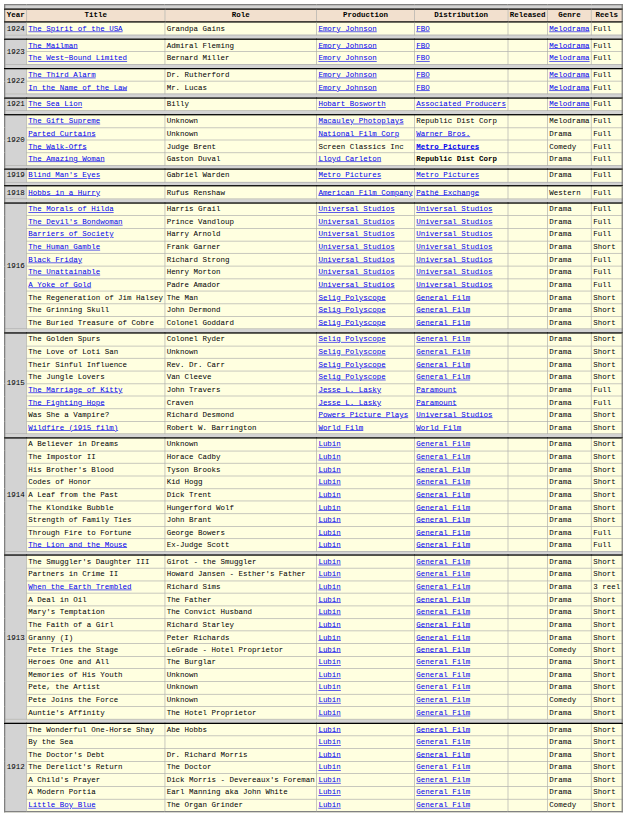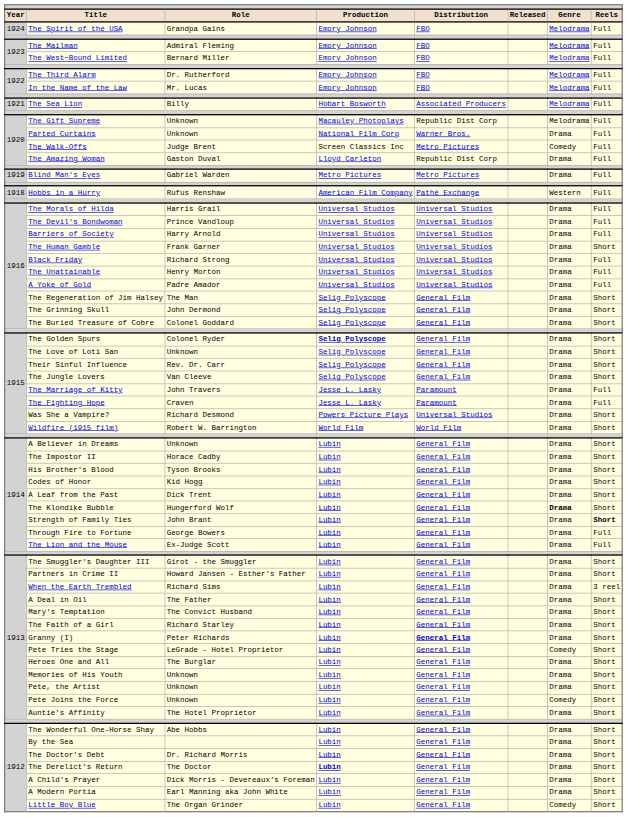 <table class="wikitable sortable mw-collapsible mw-collapsed" style="background:lightyellow; border:2px solid gray;font-size:90%">
 <tr>
 <th colspan="18" style="border:1px solid #808080;background:lightgrey;"></th>
 </tr>
 <tr>
 <th style="border-bottom:2px solid black;border-top:2px solid black;background:#F2E0CE">Year</th>
 <th style="border-bottom:2px solid black;border-top:2px solid black;background:#F2E0CE" class="unsortable">Title</th>
 <th style="border-bottom:2px solid black;border-top:2px solid black;background:#F2E0CE">Role</th>
 <th style="border-bottom:2px solid black;border-top:2px solid black;background:#F2E0CE">Production</th>
 <th style="border-bottom:2px solid black;border-top:2px solid black;background:#F2E0CE">Distribution</th>
 <th style="border-bottom:2px solid black;border-top:2px solid black;background:#F2E0CE" class="unsortable">Released</th>
 <th style="border-bottom:2px solid black;border-top:2px solid black;background:#F2E0CE" class="unsortable">Genre</th>
 <th style="border-bottom:2px solid black;border-top:2px solid black;background:#F2E0CE">Reels</th>
 </tr>
 <tr>
 <td style="background:lightgrey">1924</td>
 <td><a href='#'>The Spirit of the USA</a></td>
 <td>Grandpa Gains</td>
 <td><a href='#'>Emory Johnson</a></td>
 <td><a href='#'>FBO</a></td>
 <td></td>
 <td><a href='#'>Melodrama</a></td>
 <td>Full</td>
 </tr>
 <tr>
 <td colspan="9" style="border-bottom:2px solid black;background:lightgrey;"></td>
 </tr>
 <tr>
 <td rowspan="2" style="background:lightgrey">1923</td>
 <td><a href='#'>The Mailman</a></td>
 <td>Admiral Fleming</td>
 <td><a href='#'>Emory Johnson</a></td>
 <td><a href='#'>FBO</a></td>
 <td></td>
 <td><a href='#'>Melodrama</a></td>
 <td>Full</td>
 </tr>
 <tr>
 <td><a href='#'>The West~Bound Limited</a></td>
 <td>Bernard Miller</td>
 <td><a href='#'>Emory Johnson</a></td>
 <td><a href='#'>FBO</a></td>
 <td></td>
 <td><a href='#'>Melodrama</a></td>
 <td>Full</td>
 </tr>
 <tr>
 <td colspan="9" style="border-bottom:2px solid black;background:lightgrey;"></td>
 </tr>
 <tr>
 <td rowspan="2" style="background:lightgrey">1922</td>
 <td><a href='#'>The Third Alarm</a></td>
 <td>Dr. Rutherford</td>
 <td><a href='#'>Emory Johnson</a></td>
 <td><a href='#'>FBO</a></td>
 <td></td>
 <td><a href='#'>Melodrama</a></td>
 <td>Full</td>
 </tr>
 <tr>
 <td><a href='#'>In the Name of the Law</a></td>
 <td>Mr. Lucas</td>
 <td><a href='#'>Emory Johnson</a></td>
 <td><a href='#'>FBO</a></td>
 <td></td>
 <td><a href='#'>Melodrama</a></td>
 <td>Full</td>
 </tr>
 <tr>
 <td colspan="9" style="border-bottom:2px solid black;background:lightgrey;"></td>
 </tr>
 <tr>
 <td style="background:lightgrey">1921</td>
 <td><a href='#'>The Sea Lion</a></td>
 <td>Billy</td>
 <td><a href='#'>Hobart Bosworth</a></td>
 <td><a href='#'>Associated Producers</a></td>
 <td></td>
 <td><a href='#'>Melodrama</a></td>
 <td>Full</td>
 </tr>
 <tr>
 <td colspan="9" style="border-bottom:2px solid black;background:lightgrey;"></td>
 </tr>
 <tr>
 <td rowspan="4" style="background:lightgrey">1920</td>
 <td><a href='#'>The Gift Supreme</a></td>
 <td>Unknown</td>
 <td><a href='#'>Macauley Photoplays</a></td>
 <td>Republic Dist Corp</td>
 <td></td>
 <td>Melodrama</td>
 <td>Full</td>
 </tr>
 <tr>
 <td><a href='#'>Parted Curtains</a></td>
 <td>Unknown</td>
 <td><a href='#'>National Film Corp</a></td>
 <td><a href='#'>Warner Bros.</a></td>
 <td></td>
 <td>Drama</td>
 <td>Full</td>
 </tr>
 <tr>
 <td><a href='#'>The Walk-Offs</a></td>
 <td>Judge Brent</td>
 <td>Screen Classics Inc</td>
-<td><strong><a href='#'>Metro Pictures</a></strong></td>
+<td><a href='#'>Metro Pictures</a></td>
 <td></td>
 <td>Comedy</td>
 <td>Full</td>
 </tr>
 <tr>
 <td><a href='#'>The Amazing Woman</a></td>
 <td>Gaston Duval</td>
 <td><a href='#'>Lloyd Carleton</a></td>
-<td><strong>Republic Dist Corp</strong></td>
+<td>Republic Dist Corp</td>
 <td></td>
 <td>Drama</td>
 <td>Full</td>
 </tr>
 <tr>
 <td colspan="9" style="border-bottom:2px solid black;background:lightgrey;"></td>
 </tr>
 <tr>
 <td style="background:lightgrey">1919</td>
 <td><a href='#'>Blind Man's Eyes</a></td>
 <td>Gabriel Warden</td>
 <td><a href='#'>Metro Pictures</a></td>
 <td><a href='#'>Metro Pictures</a></td>
 <td></td>
 <td>Drama</td>
 <td>Full</td>
 </tr>
 <tr>
 <td colspan="9" style="border-bottom:2px solid black;background:lightgrey;"></td>
 </tr>
 <tr>
 <td style="background:lightgrey">1918</td>
 <td><a href='#'>Hobbs in a Hurry</a></td>
 <td>Rufus Renshaw</td>
 <td><a href='#'>American Film Company</a></td>
 <td><a href='#'>Pathé Exchange</a></td>
 <td></td>
 <td>Western</td>
 <td>Full</td>
 </tr>
 <tr>
 <td colspan="9" style="border-bottom:2px solid black;background:lightgrey;"></td>
 </tr>
 <tr>
 <td rowspan="10" style="background:lightgrey">1916</td>
 <td><a href='#'>The Morals of Hilda</a></td>
 <td>Harris Grail</td>
 <td><a href='#'>Universal Studios</a></td>
 <td><a href='#'>Universal Studios</a></td>
 <td></td>
 <td>Drama</td>
 <td>Full</td>
 </tr>
 <tr>
 <td><a href='#'>The Devil's Bondwoman</a></td>
 <td>Prince Vandloup</td>
 <td><a href='#'>Universal Studios</a></td>
 <td><a href='#'>Universal Studios</a></td>
 <td></td>
 <td>Drama</td>
 <td>Full</td>
 </tr>
 <tr>
 <td><a href='#'>Barriers of Society</a></td>
 <td>Harry Arnold</td>
 <td><a href='#'>Universal Studios</a></td>
 <td><a href='#'>Universal Studios</a></td>
 <td></td>
 <td>Drama</td>
 <td>Full</td>
 </tr>
 <tr>
 <td><a href='#'>The Human Gamble</a></td>
 <td>Frank Garner</td>
 <td><a href='#'>Universal Studios</a></td>
 <td><a href='#'>Universal Studios</a></td>
 <td></td>
 <td>Drama</td>
 <td>Short</td>
 </tr>
 <tr>
 <td><a href='#'>Black Friday</a></td>
 <td>Richard Strong</td>
 <td><a href='#'>Universal Studios</a></td>
 <td><a href='#'>Universal Studios</a></td>
 <td></td>
 <td>Drama</td>
 <td>Full</td>
 </tr>
 <tr>
 <td><a href='#'>The Unattainable</a></td>
 <td>Henry Morton</td>
 <td><a href='#'>Universal Studios</a></td>
 <td><a href='#'>Universal Studios</a></td>
 <td></td>
 <td>Drama</td>
 <td>Full</td>
 </tr>
 <tr>
 <td><a href='#'>A Yoke of Gold</a></td>
 <td>Padre Amador</td>
 <td><a href='#'>Universal Studios</a></td>
 <td><a href='#'>Universal Studios</a></td>
 <td></td>
 <td>Drama</td>
 <td>Full</td>
 </tr>
 <tr>
 <td>The Regeneration of Jim Halsey</td>
 <td>The Man</td>
 <td><a href='#'>Selig Polyscope</a></td>
 <td><a href='#'>General Film</a></td>
 <td></td>
 <td>Drama</td>
 <td>Short</td>
 </tr>
 <tr>
 <td>The Grinning Skull</td>
 <td>John Dermond</td>
 <td><a href='#'>Selig Polyscope</a></td>
 <td><a href='#'>General Film</a></td>
 <td></td>
 <td>Drama</td>
 <td>Short</td>
 </tr>
 <tr>
 <td>The Buried Treasure of Cobre</td>
 <td>Colonel Goddard</td>
 <td><a href='#'>Selig Polyscope</a></td>
 <td><a href='#'>General Film</a></td>
 <td></td>
 <td>Drama</td>
 <td>Short</td>
 </tr>
 <tr>
 <td colspan="9" style="border-bottom:2px solid black;background:lightgrey;"></td>
 </tr>
 <tr>
 <td rowspan="8" style="background:lightgrey">1915</td>
 <td>The Golden Spurs</td>
 <td>Colonel Ryder</td>
-<td><a href='#'>Selig Polyscope</a></td>
+<td><strong><a href='#'>Selig Polyscope</a></strong></td>
 <td><a href='#'>General Film</a></td>
 <td></td>
 <td>Drama</td>
 <td>Short</td>
 </tr>
 <tr>
 <td>The Love of Loti San</td>
 <td>Unknown</td>
 <td><a href='#'>Selig Polyscope</a></td>
 <td><a href='#'>General Film</a></td>
 <td></td>
 <td>Drama</td>
 <td>Short</td>
 </tr>
 <tr>
 <td>Their Sinful Influence</td>
 <td>Rev. Dr. Carr</td>
 <td><a href='#'>Selig Polyscope</a></td>
 <td><a href='#'>General Film</a></td>
 <td></td>
 <td>Drama</td>
 <td>Short</td>
 </tr>
 <tr>
 <td>The Jungle Lovers</td>
 <td>Van Cleeve</td>
 <td><a href='#'>Selig Polyscope</a></td>
 <td><a href='#'>General Film</a></td>
 <td></td>
 <td>Drama</td>
 <td>Short</td>
 </tr>
 <tr>
 <td><a href='#'>The Marriage of Kitty</a></td>
 <td>John Travers</td>
 <td><a href='#'>Jesse L. Lasky</a></td>
 <td><a href='#'>Paramount</a></td>
 <td></td>
 <td>Drama</td>
 <td>Full</td>
 </tr>
 <tr>
 <td><a href='#'>The Fighting Hope</a></td>
 <td>Craven</td>
 <td><a href='#'>Jesse L. Lasky</a></td>
 <td><a href='#'>Paramount</a></td>
 <td></td>
 <td>Drama</td>
 <td>Full</td>
 </tr>
 <tr>
 <td>Was She a Vampire?</td>
 <td>Richard Desmond</td>
 <td><a href='#'>Powers Picture Plays</a></td>
 <td><a href='#'>Universal Studios</a></td>
 <td></td>
 <td>Drama</td>
 <td>Short</td>
 </tr>
 <tr>
 <td><a href='#'>Wildfire (1915 film)</a></td>
 <td>Robert W. Barrington</td>
 <td><a href='#'>World Film</a></td>
 <td><a href='#'>World Film</a></td>
 <td></td>
 <td>Drama</td>
 <td>Short</td>
 </tr>
 <tr>
 <td colspan="9" style="border-bottom:2px solid black;background:lightgrey;"></td>
 </tr>
 <tr>
 <td rowspan="9" style="background:lightgrey">1914</td>
 <td>A Believer in Dreams</td>
 <td>Unknown</td>
 <td><a href='#'>Lubin</a></td>
 <td><a href='#'>General Film</a></td>
 <td></td>
 <td>Drama</td>
 <td>Short</td>
 </tr>
 <tr>
 <td>The Impostor II</td>
 <td>Horace Cadby</td>
 <td><a href='#'>Lubin</a></td>
 <td><a href='#'>General Film</a></td>
 <td></td>
 <td>Drama</td>
 <td>Short</td>
 </tr>
 <tr>
 <td>His Brother's Blood</td>
 <td>Tyson Brooks</td>
 <td><a href='#'>Lubin</a></td>
 <td><a href='#'>General Film</a></td>
 <td></td>
 <td>Drama</td>
 <td>Short</td>
 </tr>
 <tr>
 <td>Codes of Honor</td>
 <td>Kid Hogg</td>
 <td><a href='#'>Lubin</a></td>
 <td><a href='#'>General Film</a></td>
 <td></td>
 <td>Drama</td>
 <td>Short</td>
 </tr>
 <tr>
 <td>A Leaf from the Past</td>
 <td>Dick Trent</td>
 <td><a href='#'>Lubin</a></td>
 <td><a href='#'>General Film</a></td>
 <td></td>
 <td>Drama</td>
 <td>Short</td>
 </tr>
 <tr>
 <td>The Klondike Bubble</td>
 <td>Hungerford Wolf</td>
 <td><a href='#'>Lubin</a></td>
 <td><a href='#'>General Film</a></td>
 <td></td>
-<td>Drama</td>
+<td><strong>Drama</strong></td>
 <td>Short</td>
 </tr>
 <tr>
 <td>Strength of Family Ties</td>
 <td>John Brant</td>
 <td><a href='#'>Lubin</a></td>
 <td><a href='#'>General Film</a></td>
 <td></td>
 <td>Drama</td>
-<td>Short</td>
+<td><strong>Short</strong></td>
 </tr>
 <tr>
 <td>Through Fire to Fortune</td>
 <td>George Bowers</td>
 <td><a href='#'>Lubin</a></td>
 <td><a href='#'>General Film</a></td>
 <td></td>
 <td>Drama</td>
 <td>Full</td>
 </tr>
 <tr>
 <td><a href='#'>The Lion and the Mouse</a></td>
 <td>Ex-Judge Scott</td>
 <td><a href='#'>Lubin</a></td>
 <td><a href='#'>General Film</a></td>
 <td></td>
 <td>Drama</td>
 <td>Full</td>
 </tr>
 <tr>
 <td colspan="9" style="border-bottom:2px solid black;background:lightgrey;"></td>
 </tr>
 <tr>
 <td rowspan="13" style="background:lightgrey">1913</td>
 <td>The Smuggler's Daughter III</td>
 <td>Girot - the Smuggler</td>
 <td><a href='#'>Lubin</a></td>
 <td><a href='#'>General Film</a></td>
 <td></td>
 <td>Drama</td>
 <td>Short</td>
 </tr>
 <tr>
 <td>Partners in Crime II</td>
 <td>Howard Jansen - Esther's Father</td>
 <td><a href='#'>Lubin</a></td>
 <td><a href='#'>General Film</a></td>
 <td></td>
 <td>Drama</td>
 <td>Short</td>
 </tr>
 <tr>
 <td><a href='#'>When the Earth Trembled</a></td>
 <td>Richard Sims</td>
 <td><a href='#'>Lubin</a></td>
 <td><a href='#'>General Film</a></td>
 <td></td>
 <td>Drama</td>
 <td>3 reel</td>
 </tr>
 <tr>
 <td>A Deal in Oil</td>
 <td>The Father</td>
 <td><a href='#'>Lubin</a></td>
 <td><a href='#'>General Film</a></td>
 <td></td>
 <td>Drama</td>
 <td>Short</td>
 </tr>
 <tr>
 <td>Mary's Temptation</td>
 <td>The Convict Husband</td>
 <td><a href='#'>Lubin</a></td>
 <td><a href='#'>General Film</a></td>
 <td></td>
 <td>Drama</td>
 <td>Short</td>
 </tr>
 <tr>
 <td>The Faith of a Girl</td>
 <td>Richard Starley</td>
 <td><a href='#'>Lubin</a></td>
 <td><a href='#'>General Film</a></td>
 <td></td>
 <td>Drama</td>
 <td>Short</td>
 </tr>
 <tr>
 <td>Granny  (I)</td>
 <td>Peter Richards</td>
 <td><a href='#'>Lubin</a></td>
-<td><a href='#'>General Film</a></td>
+<td><strong><a href='#'>General Film</a></strong></td>
 <td></td>
 <td>Drama</td>
 <td>Short</td>
 </tr>
 <tr>
 <td>Pete Tries the Stage</td>
 <td>LeGrade - Hotel Proprietor</td>
 <td><a href='#'>Lubin</a></td>
 <td><a href='#'>General Film</a></td>
 <td></td>
 <td>Comedy</td>
 <td>Short</td>
 </tr>
 <tr>
 <td>Heroes One and All</td>
 <td>The Burglar</td>
 <td><a href='#'>Lubin</a></td>
 <td><a href='#'>General Film</a></td>
 <td></td>
 <td>Drama</td>
 <td>Short</td>
 </tr>
 <tr>
 <td>Memories of His Youth</td>
 <td>Unknown</td>
 <td><a href='#'>Lubin</a></td>
 <td><a href='#'>General Film</a></td>
 <td></td>
 <td>Drama</td>
 <td>Short</td>
 </tr>
 <tr>
 <td>Pete, the Artist</td>
 <td>Unknown</td>
 <td><a href='#'>Lubin</a></td>
 <td><a href='#'>General Film</a></td>
 <td></td>
 <td>Drama</td>
 <td>Short</td>
 </tr>
 <tr>
 <td>Pete Joins the Force</td>
 <td>Unknown</td>
 <td><a href='#'>Lubin</a></td>
 <td><a href='#'>General Film</a></td>
 <td></td>
 <td>Comedy</td>
 <td>Short</td>
 </tr>
 <tr>
 <td>Auntie's Affinity</td>
 <td>The Hotel Proprietor</td>
 <td><a href='#'>Lubin</a></td>
 <td><a href='#'>General Film</a></td>
 <td></td>
 <td>Drama</td>
 <td>Short</td>
 </tr>
 <tr>
 <td colspan="9" style="border-bottom:2px solid black;background:lightgrey;"></td>
 </tr>
 <tr>
 <td rowspan="7" style="background:lightgrey">1912</td>
 <td>The Wonderful One-Horse Shay</td>
 <td>Abe Hobbs</td>
 <td><a href='#'>Lubin</a></td>
 <td><a href='#'>General Film</a></td>
 <td></td>
 <td>Drama</td>
 <td>Short</td>
 </tr>
 <tr>
 <td>By the Sea</td>
 <td></td>
 <td><a href='#'>Lubin</a></td>
 <td><a href='#'>General Film</a></td>
 <td></td>
 <td>Drama</td>
 <td>Short</td>
 </tr>
 <tr>
 <td>The Doctor's Debt</td>
 <td>Dr. Richard Morris</td>
 <td><a href='#'>Lubin</a></td>
 <td><a href='#'>General Film</a></td>
 <td></td>
 <td>Drama</td>
 <td>Short</td>
 </tr>
 <tr>
 <td>The Derelict's Return</td>
 <td>The Doctor</td>
-<td><a href='#'>Lubin</a></td>
+<td><strong><a href='#'>Lubin</a></strong></td>
 <td><a href='#'>General Film</a></td>
 <td></td>
 <td>Drama</td>
 <td>Short</td>
 </tr>
 <tr>
 <td>A Child's Prayer</td>
 <td>Dick Morris - Devereaux's Foreman</td>
 <td><a href='#'>Lubin</a></td>
 <td><a href='#'>General Film</a></td>
 <td></td>
 <td>Drama</td>
 <td>Short</td>
 </tr>
 <tr>
 <td>A Modern Portia</td>
 <td>Earl Manning aka John White</td>
 <td><a href='#'>Lubin</a></td>
 <td><a href='#'>General Film</a></td>
 <td></td>
 <td>Drama</td>
 <td>Short</td>
 </tr>
 <tr>
 <td><a href='#'>Little Boy Blue</a></td>
 <td>The Organ Grinder</td>
 <td><a href='#'>Lubin</a></td>
 <td><a href='#'>General Film</a></td>
 <td></td>
 <td>Comedy</td>
 <td>Short</td>
 </tr>
 <tr>
 </tr>
 </table>
